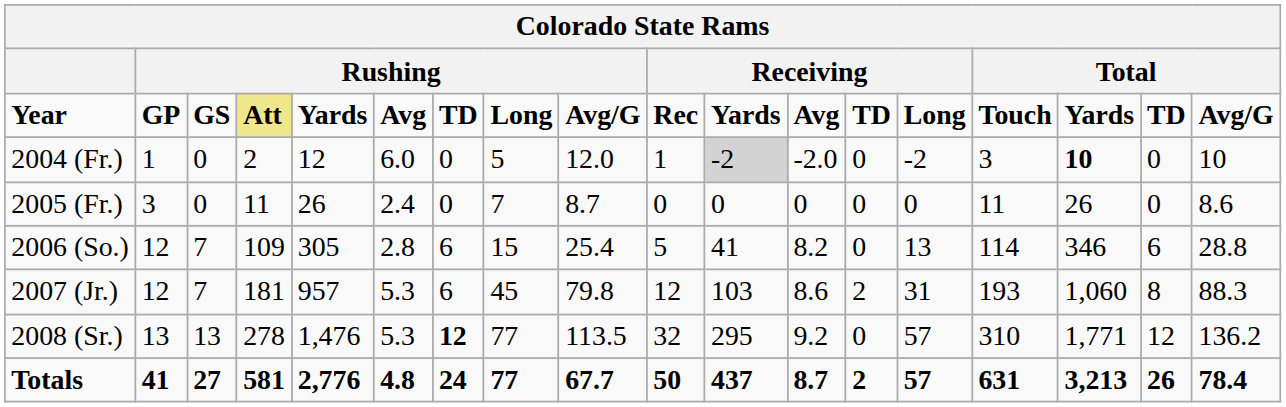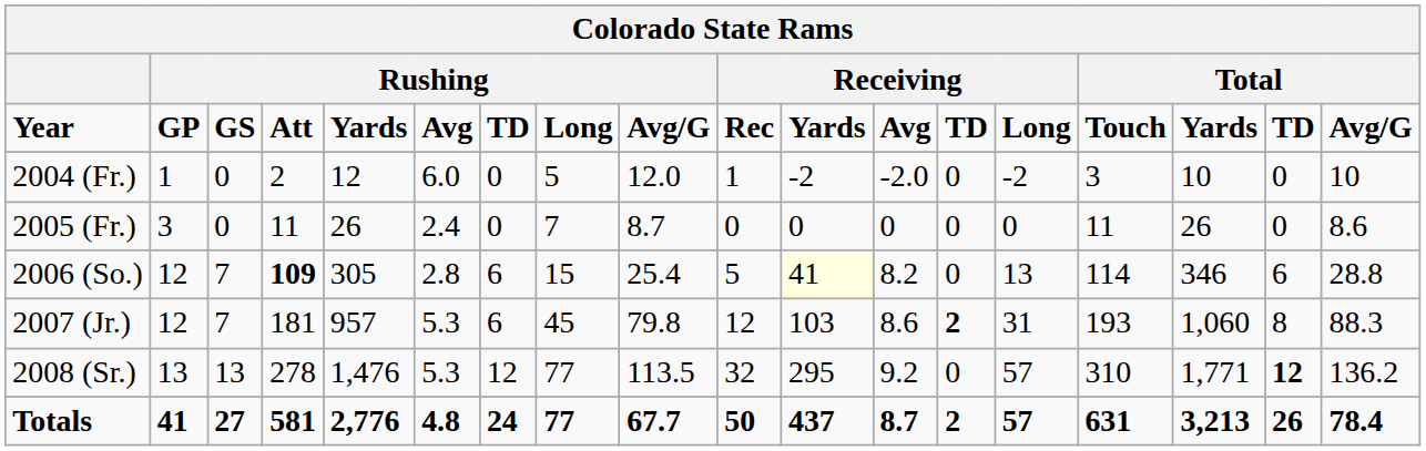 <table class="wikitable">
 <tr>
 <th colspan="18">Colorado State Rams</th>
 </tr>
 <tr>
 <th></th>
 <th colspan="8">Rushing</th>
 <th colspan="5">Receiving</th>
 <th colspan="4">Total</th>
 </tr>
 <tr>
 <td><strong>Year</strong></td>
 <td><strong>GP</strong></td>
 <td><strong>GS</strong></td>
-<td style="background: khaki;"><strong>Att</strong></td>
+<td><strong>Att</strong></td>
 <td><strong>Yards</strong></td>
 <td><strong>Avg</strong></td>
 <td><strong>TD</strong></td>
 <td><strong>Long</strong></td>
 <td><strong>Avg/G</strong></td>
 <td><strong>Rec</strong></td>
 <td><strong>Yards</strong></td>
 <td><strong>Avg</strong></td>
 <td><strong>TD</strong></td>
 <td><strong>Long</strong></td>
 <td><strong>Touch</strong></td>
 <td><strong>Yards</strong></td>
 <td><strong>TD</strong></td>
 <td><strong>Avg/G</strong></td>
 </tr>
 <tr>
 <td>2004 (Fr.)</td>
 <td>1</td>
 <td>0</td>
 <td>2</td>
 <td>12</td>
 <td>6.0</td>
 <td>0</td>
 <td>5</td>
 <td>12.0</td>
 <td>1</td>
-<td style="background: lightgrey;">-2</td>
+<td>-2</td>
 <td>-2.0</td>
 <td>0</td>
 <td>-2</td>
 <td>3</td>
-<td><strong>10</strong></td>
+<td>10</td>
 <td>0</td>
 <td>10</td>
 </tr>
 <tr>
 <td>2005 (Fr.)</td>
 <td>3</td>
 <td>0</td>
 <td>11</td>
 <td>26</td>
 <td>2.4</td>
 <td>0</td>
 <td>7</td>
 <td>8.7</td>
 <td>0</td>
 <td>0</td>
 <td>0</td>
 <td>0</td>
 <td>0</td>
 <td>11</td>
 <td>26</td>
 <td>0</td>
 <td>8.6</td>
 </tr>
 <tr>
 <td>2006 (So.)</td>
 <td>12</td>
 <td>7</td>
-<td>109</td>
+<td><strong>109</strong></td>
 <td>305</td>
 <td>2.8</td>
 <td>6</td>
 <td>15</td>
 <td>25.4</td>
 <td>5</td>
-<td>41</td>
+<td style="background: lightyellow;">41</td>
 <td>8.2</td>
 <td>0</td>
 <td>13</td>
 <td>114</td>
 <td>346</td>
 <td>6</td>
 <td>28.8</td>
 </tr>
 <tr>
 <td>2007 (Jr.)</td>
 <td>12</td>
 <td>7</td>
 <td>181</td>
 <td>957</td>
 <td>5.3</td>
 <td>6</td>
 <td>45</td>
 <td>79.8</td>
 <td>12</td>
 <td>103</td>
 <td>8.6</td>
-<td>2</td>
+<td><strong>2</strong></td>
 <td>31</td>
 <td>193</td>
 <td>1,060</td>
 <td>8</td>
 <td>88.3</td>
 </tr>
 <tr>
 <td>2008 (Sr.)</td>
 <td>13</td>
 <td>13</td>
 <td>278</td>
 <td>1,476</td>
 <td>5.3</td>
-<td><strong>12</strong></td>
+<td>12</td>
 <td>77</td>
 <td>113.5</td>
 <td>32</td>
 <td>295</td>
 <td>9.2</td>
 <td>0</td>
 <td>57</td>
 <td>310</td>
 <td>1,771</td>
-<td>12</td>
+<td><strong>12</strong></td>
 <td>136.2</td>
 </tr>
 <tr>
 <td><strong>Totals</strong></td>
 <td><strong>41</strong></td>
 <td><strong>27</strong></td>
 <td><strong>581</strong></td>
 <td><strong>2,776</strong></td>
 <td><strong>4.8</strong></td>
 <td><strong>24</strong></td>
 <td><strong>77</strong></td>
 <td><strong>67.7</strong></td>
 <td><strong>50</strong></td>
 <td><strong>437</strong></td>
 <td><strong>8.7</strong></td>
 <td><strong>2</strong></td>
 <td><strong>57</strong></td>
 <td><strong>631</strong></td>
 <td><strong>3,213</strong></td>
 <td><strong>26</strong></td>
 <td><strong>78.4</strong></td>
 </tr>
 </table>
